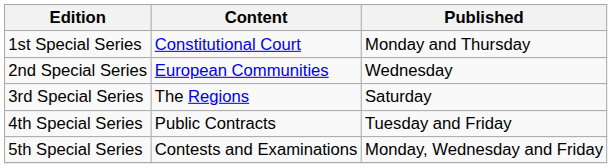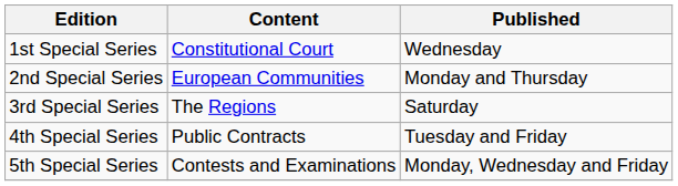 <table class="wikitable" style="text-align:left">
 <tr>
 <th>Edition</th>
 <th>Content</th>
 <th>Published</th>
 </tr>
 <tr>
 <td>1st Special Series</td>
 <td><a href='#'>Constitutional Court</a></td>
-<td>Monday and Thursday</td>
+<td>Wednesday</td>
 </tr>
 <tr>
 <td>2nd Special Series</td>
 <td><a href='#'>European Communities</a></td>
-<td>Wednesday</td>
+<td>Monday and Thursday</td>
 </tr>
 <tr>
 <td>3rd Special Series</td>
 <td>The <a href='#'>Regions</a></td>
 <td>Saturday</td>
 </tr>
 <tr>
 <td>4th Special Series</td>
 <td>Public Contracts</td>
 <td>Tuesday and Friday</td>
 </tr>
 <tr>
 <td>5th Special Series</td>
 <td>Contests and Examinations</td>
 <td>Monday, Wednesday and Friday</td>
 </tr>
 <tr>
 </tr>
 </table>
